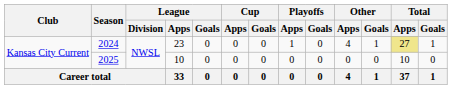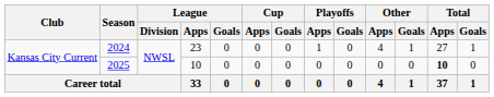 <table class="wikitable" style="text-align: center;">
 <tr>
 <th rowspan="2">Club</th>
 <th rowspan="2">Season</th>
 <th colspan="3">League</th>
 <th colspan="2">Cup</th>
 <th colspan="2">Playoffs</th>
 <th colspan="2">Other</th>
 <th colspan="2">Total</th>
 </tr>
 <tr>
 <th>Division</th>
 <th>Apps</th>
 <th>Goals</th>
 <th>Apps</th>
 <th>Goals</th>
 <th>Apps</th>
 <th>Goals</th>
 <th>Apps</th>
 <th>Goals</th>
 <th>Apps</th>
 <th>Goals</th>
 </tr>
 <tr>
 <td rowspan="2"><a href='#'>Kansas City Current</a></td>
 <td><a href='#'>2024</a></td>
 <td rowspan="2"><a href='#'>NWSL</a></td>
 <td>23</td>
 <td>0</td>
 <td>0</td>
 <td>0</td>
 <td>1</td>
 <td>0</td>
 <td>4</td>
 <td>1</td>
-<td style="background: khaki;">27</td>
+<td>27</td>
 <td>1</td>
 </tr>
 <tr>
 <td><a href='#'>2025</a></td>
 <td>10</td>
 <td>0</td>
 <td>0</td>
 <td>0</td>
 <td>0</td>
 <td>0</td>
 <td>0</td>
 <td>0</td>
-<td>10</td>
+<td><strong>10</strong></td>
 <td>0</td>
 </tr>
 <tr>
 <th colspan="3">Career total</th>
 <th>33</th>
 <th>0</th>
 <th>0</th>
 <th>0</th>
 <th>0</th>
 <th>0</th>
 <th>4</th>
 <th>1</th>
 <th>37</th>
 <th>1</th>
 </tr>
 </table>
